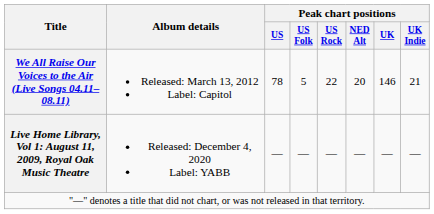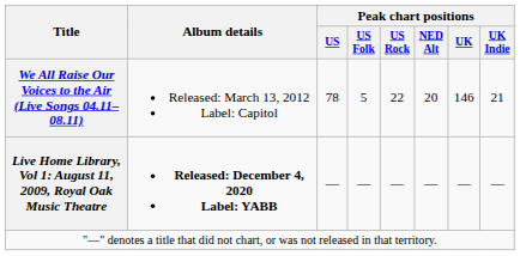 <table class="wikitable plainrowheaders" style="text-align:center;">
 <tr>
 <th scope="col" rowspan="2" style="width:12em;">Title</th>
 <th scope="col" rowspan="2" style="width:18em;">Album details</th>
 <th scope="col" colspan="6">Peak chart positions</th>
 </tr>
 <tr>
 <th style="width:2.7em;font-size:85%"><a href='#'>US</a><br></th>
 <th style="width:2.7em;font-size:85%"><a href='#'>US<br>Folk</a><br></th>
 <th style="width:2.7em;font-size:85%"><a href='#'>US<br>Rock</a><br></th>
 <th style="width:2.7em;font-size:85%"><a href='#'>NED<br>Alt</a><br></th>
 <th style="width:2.7em;font-size:85%"><a href='#'>UK</a><br></th>
 <th style="width:2.7em;font-size:85%"><a href='#'>UK<br>Indie</a><br></th>
 </tr>
 <tr>
 <th scope="row"><em><a href='#'>We All Raise Our Voices to the Air (Live Songs 04.11–08.11)</a></em></th>
 <td><br><ul><li>Released: March 13, 2012</li><li>Label: Capitol</li></ul></td>
 <td>78</td>
 <td>5</td>
 <td>22</td>
 <td>20</td>
 <td>146</td>
 <td>21</td>
 </tr>
 <tr>
 <th scope="row"><em>Live Home Library, Vol 1: August 11, 2009, Royal Oak Music Theatre</em></th>
-<td><br><ul><li>Released: December 4, 2020</li><li>Label: YABB</li></ul></td>
+<td><strong><br><ul><li>Released: December 4, 2020</li><li>Label: YABB</li></ul></strong></td>
 <td>—</td>
 <td>—</td>
 <td>—</td>
 <td>—</td>
 <td>—</td>
 <td>—</td>
 </tr>
 <tr>
 <td colspan="19" style="font-size:90%">"—" denotes a title that did not chart, or was not released in that territory.</td>
 </tr>
 </table>
